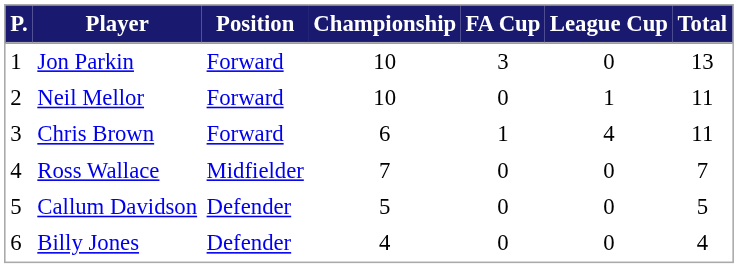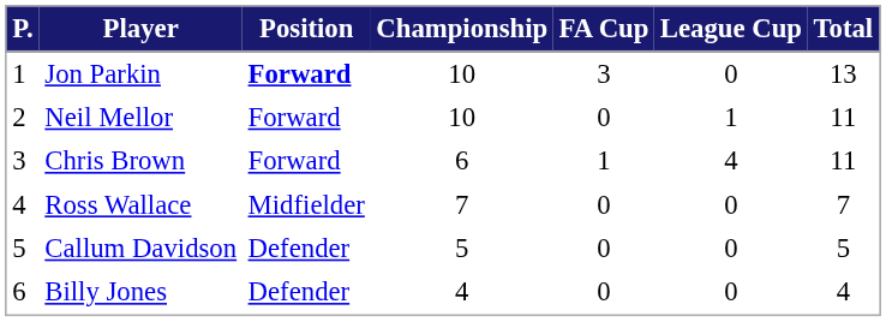 <table cellspacing="0" cellpadding="3" style="border:1px solid #AAAAAA;font-size:90%">
 <tr style="background:#191970; color:white;">
 <th style="border-bottom:1px solid #AAAAAA" align="center">P.</th>
 <th style="border-bottom:1px solid #AAAAAA" align="center">Player</th>
 <th style="border-bottom:1px solid #AAAAAA" align="center">Position</th>
 <th style="border-bottom:1px solid #AAAAAA" align="center">Championship</th>
 <th style="border-bottom:1px solid #AAAAAA" align="center">FA Cup</th>
 <th style="border-bottom:1px solid #AAAAAA" align="center">League Cup</th>
 <th style="border-bottom:1px solid #AAAAAA" align="center">Total</th>
 </tr>
 <tr>
 <td>1</td>
 <td> <a href='#'>Jon Parkin</a></td>
-<td><a href='#'>Forward</a></td>
+<td><strong><a href='#'>Forward</a></strong></td>
 <td align="center">10</td>
 <td align="center">3</td>
 <td align="center">0</td>
 <td align="center">13</td>
 </tr>
 <tr>
 <td>2</td>
 <td> <a href='#'>Neil Mellor</a></td>
 <td><a href='#'>Forward</a></td>
 <td align="center">10</td>
 <td align="center">0</td>
 <td align="center">1</td>
 <td align="center">11</td>
 </tr>
 <tr>
 <td>3</td>
 <td> <a href='#'>Chris Brown</a></td>
 <td><a href='#'>Forward</a></td>
 <td align="center">6</td>
 <td align="center">1</td>
 <td align="center">4</td>
 <td align="center">11</td>
 </tr>
 <tr>
 <td>4</td>
 <td> <a href='#'>Ross Wallace</a></td>
 <td><a href='#'>Midfielder</a></td>
 <td align="center">7</td>
 <td align="center">0</td>
 <td align="center">0</td>
 <td align="center">7</td>
 </tr>
 <tr>
 <td>5</td>
 <td> <a href='#'>Callum Davidson</a></td>
 <td><a href='#'>Defender</a></td>
 <td align="center">5</td>
 <td align="center">0</td>
 <td align="center">0</td>
 <td align="center">5</td>
 </tr>
 <tr>
 <td>6</td>
 <td> <a href='#'>Billy Jones</a></td>
 <td><a href='#'>Defender</a></td>
 <td align="center">4</td>
 <td align="center">0</td>
 <td align="center">0</td>
 <td align="center">4</td>
 </tr>
 <tr>
 </tr>
 </table>
